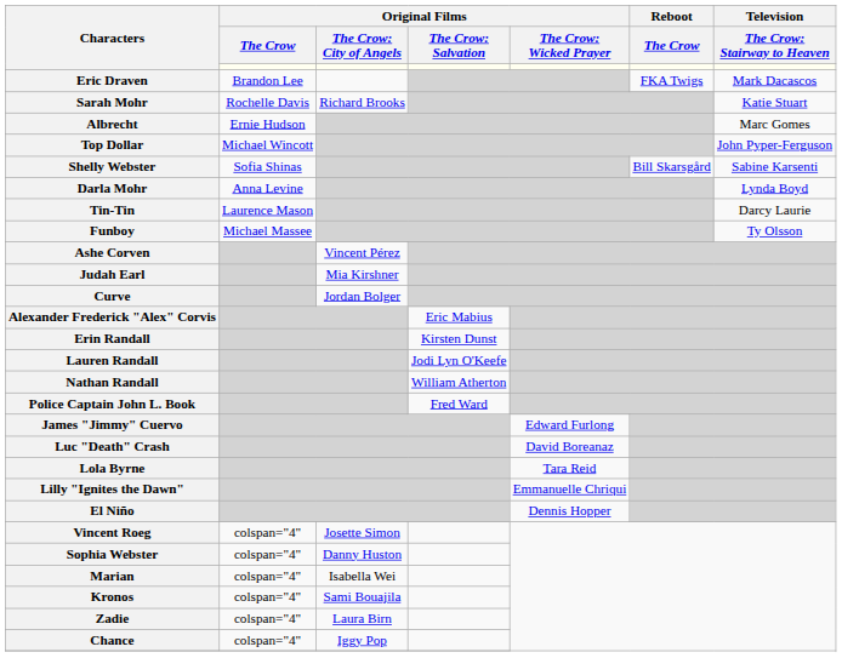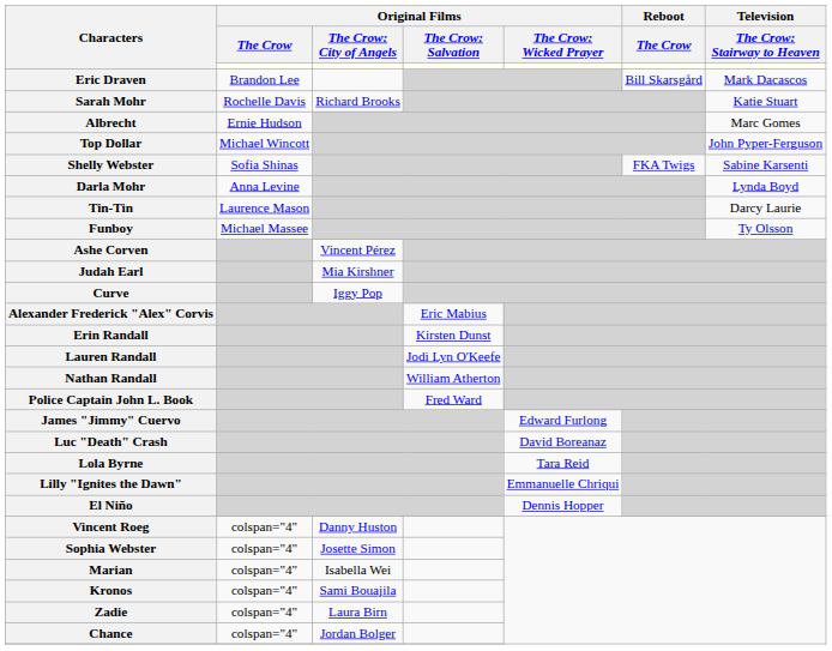 <table class="wikitable" style="text-align:center;">
 <tr>
 <th rowspan="3">Characters</th>
 <th colspan="4">Original Films</th>
 <th>Reboot</th>
 <th>Television</th>
 </tr>
 <tr>
 <th><em><a href='#'>The Crow</a></em></th>
 <th><em><a href='#'>The Crow: <br> City of Angels</a></em></th>
 <th><em><a href='#'>The Crow: <br> Salvation</a></em></th>
 <th><em><a href='#'>The Crow: <br> Wicked Prayer</a></em></th>
 <th><em><a href='#'>The Crow</a></em></th>
 <th><em><a href='#'>The Crow: <br> Stairway to Heaven</a></em></th>
 </tr>
 <tr>
 <th style="background:ivory;"><span></span></th>
 <th style="background:ivory;"><span></span></th>
 <th style="background:ivory;"><span></span></th>
 <th style="background:ivory;"><span></span></th>
 <th style="background:ivory;"><span></span></th>
 <th style="background:ivory;"><span></span></th>
 </tr>
 <tr>
 <th>Eric Draven</th>
 <td><a href='#'>Brandon Lee</a></td>
 <td></td>
 <td colspan="2" style="background:lightgrey;"> </td>
-<td><a href='#'>FKA Twigs</a></td>
+<td><a href='#'>Bill Skarsgård</a></td>
 <td><a href='#'>Mark Dacascos</a></td>
 </tr>
 <tr>
 <th>Sarah Mohr</th>
 <td><a href='#'>Rochelle Davis</a></td>
 <td><a href='#'>Richard Brooks</a></td>
 <td colspan="3" style="background:lightgrey;"> </td>
 <td><a href='#'>Katie Stuart</a></td>
 </tr>
 <tr>
 <th>Albrecht</th>
 <td><a href='#'>Ernie Hudson</a></td>
 <td colspan="4" style="background:lightgrey;"> </td>
 <td>Marc Gomes</td>
 </tr>
 <tr>
 <th>Top Dollar</th>
 <td><a href='#'>Michael Wincott</a></td>
 <td colspan="4" style="background:lightgrey;"> </td>
 <td><a href='#'>John Pyper-Ferguson</a></td>
 </tr>
 <tr>
 <th>Shelly Webster</th>
 <td><a href='#'>Sofia Shinas</a></td>
 <td colspan="3" style="background:lightgrey;"> </td>
-<td><a href='#'>Bill Skarsgård</a></td>
+<td><a href='#'>FKA Twigs</a></td>
 <td><a href='#'>Sabine Karsenti</a></td>
 </tr>
 <tr>
 <th>Darla Mohr</th>
 <td><a href='#'>Anna Levine</a></td>
 <td colspan="4" style="background:lightgrey;"> </td>
 <td><a href='#'>Lynda Boyd</a></td>
 </tr>
 <tr>
 <th>Tin-Tin</th>
 <td><a href='#'>Laurence Mason</a></td>
 <td colspan="4" style="background:lightgrey;"> </td>
 <td>Darcy Laurie</td>
 </tr>
 <tr>
 <th>Funboy</th>
 <td><a href='#'>Michael Massee</a></td>
 <td colspan="4" style="background:lightgrey;"> </td>
 <td><a href='#'>Ty Olsson</a></td>
 </tr>
 <tr>
 <th>Ashe Corven</th>
 <td style="background:lightgrey;"> </td>
 <td><a href='#'>Vincent Pérez</a></td>
 <td colspan="4" style="background:lightgrey;"> </td>
 </tr>
 <tr>
 <th>Judah Earl</th>
 <td style="background:lightgrey;"> </td>
 <td><a href='#'>Mia Kirshner</a></td>
 <td colspan="4" style="background:lightgrey;"> </td>
 </tr>
 <tr>
 <th>Curve</th>
 <td style="background:lightgrey;"> </td>
-<td><a href='#'>Jordan Bolger</a></td>
+<td><a href='#'>Iggy Pop</a></td>
 <td colspan="4" style="background:lightgrey;"> </td>
 </tr>
 <tr>
 <th>Alexander Frederick "Alex" Corvis</th>
 <td colspan="2" style="background:lightgrey;"> </td>
 <td><a href='#'>Eric Mabius</a></td>
 <td colspan="3" style="background:lightgrey;"> </td>
 </tr>
 <tr>
 <th>Erin Randall</th>
 <td colspan="2" style="background:lightgrey;"> </td>
 <td><a href='#'>Kirsten Dunst</a></td>
 <td colspan="3" style="background:lightgrey;"> </td>
 </tr>
 <tr>
 <th>Lauren Randall</th>
 <td colspan="2" style="background:lightgrey;"> </td>
 <td><a href='#'>Jodi Lyn O'Keefe</a></td>
 <td colspan="3" style="background:lightgrey;"> </td>
 </tr>
 <tr>
 <th>Nathan Randall</th>
 <td colspan="2" style="background:lightgrey;"> </td>
 <td><a href='#'>William Atherton</a></td>
 <td colspan="3" style="background:lightgrey;"> </td>
 </tr>
 <tr>
 <th>Police Captain John L. Book</th>
 <td colspan="2" style="background:lightgrey;"> </td>
 <td><a href='#'>Fred Ward</a></td>
 <td colspan="3" style="background:lightgrey;"> </td>
 </tr>
 <tr>
 <th>James "Jimmy" Cuervo</th>
 <td colspan="3" style="background:lightgrey;"> </td>
 <td><a href='#'>Edward Furlong</a></td>
 <td colspan="3" style="background:lightgrey;"> </td>
 </tr>
 <tr>
 <th>Luc "Death" Crash</th>
 <td colspan="3" style="background:lightgrey;"> </td>
 <td><a href='#'>David Boreanaz</a></td>
 <td colspan="3" style="background:lightgrey;"> </td>
 </tr>
 <tr>
 <th>Lola Byrne</th>
 <td colspan="3" style="background:lightgrey;"> </td>
 <td><a href='#'>Tara Reid</a></td>
 <td colspan="3" style="background:lightgrey;"> </td>
 </tr>
 <tr>
 <th>Lilly "Ignites the Dawn"</th>
 <td colspan="3" style="background:lightgrey;"> </td>
 <td><a href='#'>Emmanuelle Chriqui</a></td>
 <td colspan="3" style="background:lightgrey;"> </td>
 </tr>
 <tr>
 <th>El Niño</th>
 <td colspan="3" style="background:lightgrey;"> </td>
 <td><a href='#'>Dennis Hopper</a></td>
 <td colspan="3" style="background:lightgrey;"> </td>
 </tr>
 <tr>
 <th>Vincent Roeg</th>
 <td>colspan="4" </td>
-<td><a href='#'>Josette Simon</a></td>
+<td><a href='#'>Danny Huston</a></td>
 <td></td>
 </tr>
 <tr>
 <th>Sophia Webster</th>
 <td>colspan="4" </td>
-<td><a href='#'>Danny Huston</a></td>
+<td><a href='#'>Josette Simon</a></td>
 <td></td>
 </tr>
 <tr>
 <th>Marian</th>
 <td>colspan="4" </td>
 <td>Isabella Wei</td>
 <td></td>
 </tr>
 <tr>
 <th>Kronos</th>
 <td>colspan="4" </td>
 <td><a href='#'>Sami Bouajila</a></td>
 <td></td>
 </tr>
 <tr>
 <th>Zadie</th>
 <td>colspan="4" </td>
 <td><a href='#'>Laura Birn</a></td>
 <td></td>
 </tr>
 <tr>
 <th>Chance</th>
 <td>colspan="4" </td>
-<td><a href='#'>Iggy Pop</a></td>
+<td><a href='#'>Jordan Bolger</a></td>
 <td></td>
 </tr>
 <tr>
 </tr>
 </table>
